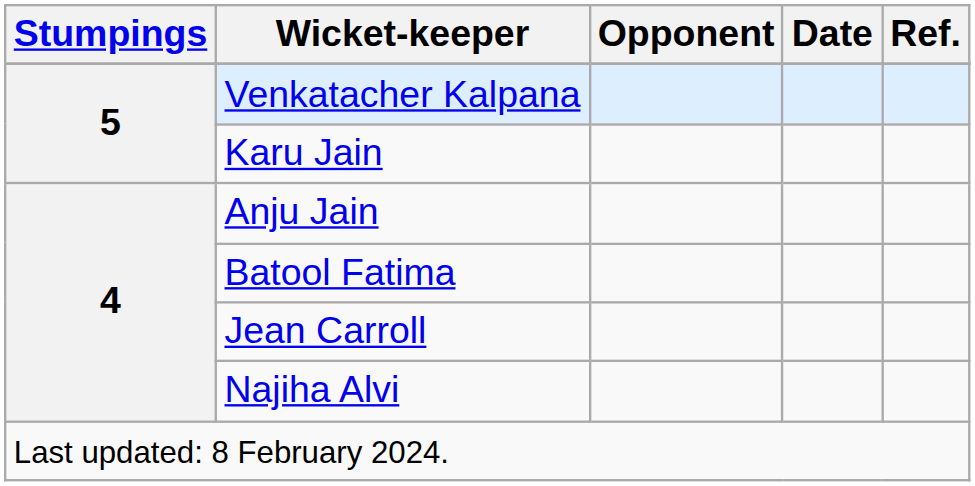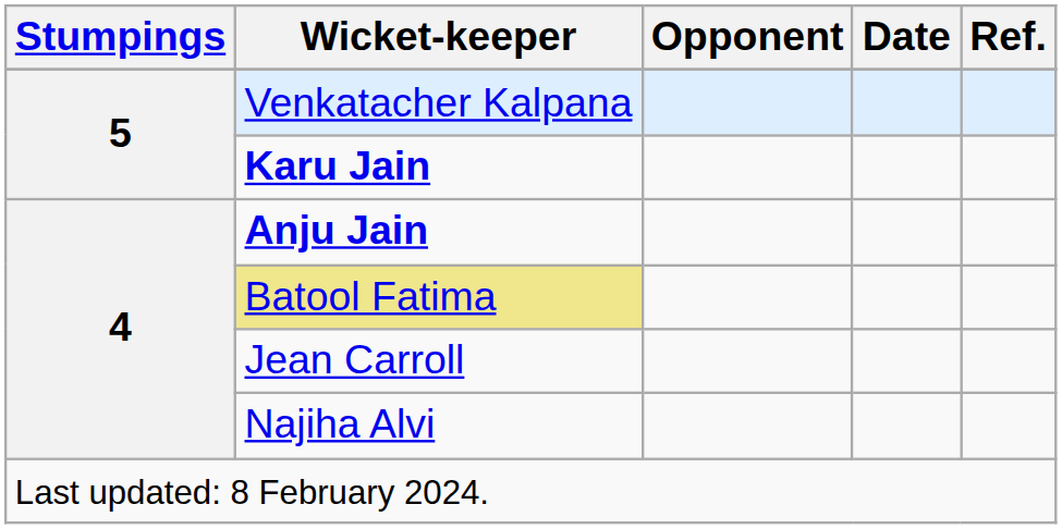 <table class="wikitable">
 <tr>
 <th scope="col"><a href='#'>Stumpings</a></th>
 <th scope="col">Wicket-keeper</th>
 <th scope="col">Opponent</th>
 <th scope="col">Date</th>
 <th scope="col">Ref.</th>
 </tr>
 <tr>
 </tr>
 <tr style="background-color:#def;">
 <th scope="row" rowspan=2>5</th>
 <td> <a href='#'>Venkatacher Kalpana</a></td>
 <td></td>
 <td><a href='#'></a></td>
 <td></td>
 </tr>
 <tr>
-<td> <a href='#'>Karu Jain</a></td>
+<td><strong> <a href='#'>Karu Jain</a></strong></td>
 <td></td>
 <td><a href='#'></a></td>
 <td></td>
 </tr>
 <tr>
 <th scope="row" rowspan=4>4</th>
-<td> <a href='#'>Anju Jain</a></td>
+<td><strong> <a href='#'>Anju Jain</a></strong></td>
 <td></td>
 <td><a href='#'></a></td>
 <td></td>
 </tr>
 <tr>
-<td> <a href='#'>Batool Fatima</a></td>
+<td style="background: khaki;"> <a href='#'>Batool Fatima</a></td>
 <td></td>
 <td><a href='#'></a></td>
 <td></td>
 </tr>
 <tr>
 <td> <a href='#'>Jean Carroll</a></td>
 <td></td>
 <td><a href='#'></a></td>
 <td></td>
 </tr>
 <tr>
 <td> <a href='#'>Najiha Alvi</a></td>
 <td></td>
 <td><a href='#'></a></td>
 <td></td>
 </tr>
 <tr>
 <td colspan="5" scope="row"><small>Last updated: 8 February 2024.</small></td>
 </tr>
 </table>
